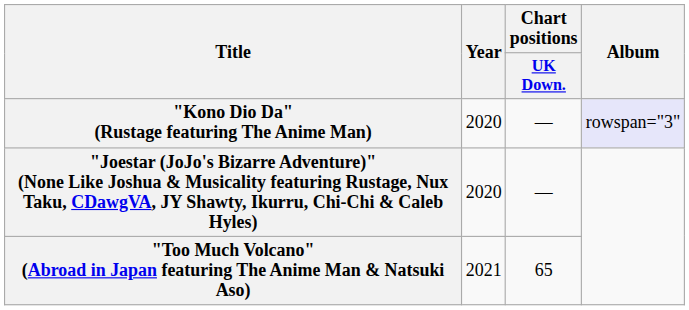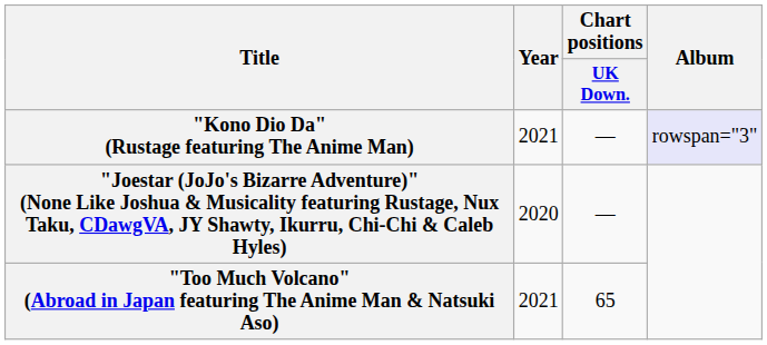 <table class="wikitable plainrowheaders" style="text-align:center;">
 <tr>
 <th scope="col" rowspan="2">Title</th>
 <th scope="col" rowspan="2">Year</th>
 <th scope="col">Chart positions</th>
 <th scope="col" rowspan="2">Album</th>
 </tr>
 <tr>
 <th scope="col" style="width:3em;font-size:90%"><a href='#'>UK<br>Down.</a><br></th>
 </tr>
 <tr>
 <th scope="row">"Kono Dio Da"<br><span>(Rustage featuring The Anime Man)</span></th>
-<td>2020</td>
+<td>2021</td>
 <td>—</td>
 <td style="background: lavender;">rowspan="3" </td>
 </tr>
 <tr>
 <th scope="row">"Joestar (JoJo's Bizarre Adventure)"<br><span>(None Like Joshua & Musicality featuring Rustage, Nux Taku, <a href='#'>CDawgVA</a>, JY Shawty, Ikurru, Chi-Chi & Caleb Hyles)</span></th>
 <td>2020</td>
 <td>—</td>
 </tr>
 <tr>
 <th scope="row">"Too Much Volcano"<br><span>(<a href='#'>Abroad in Japan</a> featuring The Anime Man & Natsuki Aso)</span></th>
 <td>2021</td>
 <td>65</td>
 </tr>
 </table>
